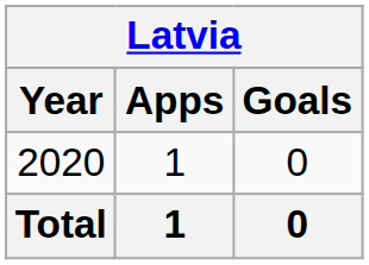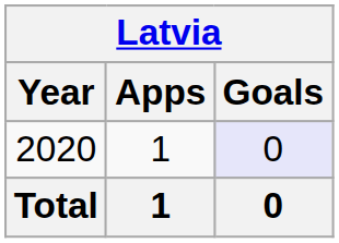 <table class="wikitable" style="text-align:center">
 <tr>
 <th colspan=3><a href='#'>Latvia</a></th>
 </tr>
 <tr>
 <th>Year</th>
 <th>Apps</th>
 <th>Goals</th>
 </tr>
 <tr>
 <td>2020</td>
 <td>1</td>
-<td>0</td>
+<td style="background: lavender;">0</td>
 </tr>
 <tr>
 <th>Total</th>
 <th>1</th>
 <th>0</th>
 </tr>
 </table>
